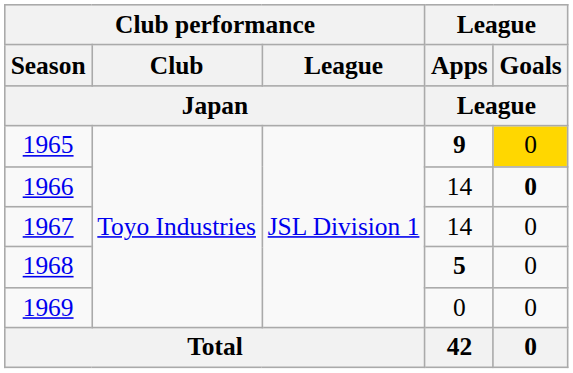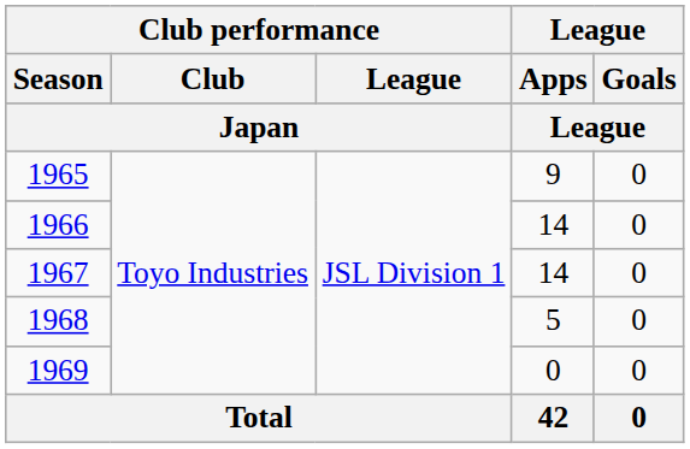 <table class="wikitable" style="text-align:center;">
 <tr>
 <th colspan=3>Club performance</th>
 <th colspan=2>League</th>
 </tr>
 <tr>
 <th>Season</th>
 <th>Club</th>
 <th>League</th>
 <th>Apps</th>
 <th>Goals</th>
 </tr>
 <tr>
 <th colspan=3>Japan</th>
 <th colspan=2>League</th>
 </tr>
 <tr>
 <td><a href='#'>1965</a></td>
 <td rowspan=5><a href='#'>Toyo Industries</a></td>
 <td rowspan=5><a href='#'>JSL Division 1</a></td>
-<td><strong>9</strong></td>
-<td style="background: gold;">0</td>
+<td>9</td>
+<td>0</td>
 </tr>
 <tr>
 <td><a href='#'>1966</a></td>
 <td>14</td>
-<td><strong>0</strong></td>
+<td>0</td>
 </tr>
 <tr>
 <td><a href='#'>1967</a></td>
 <td>14</td>
 <td>0</td>
 </tr>
 <tr>
 <td><a href='#'>1968</a></td>
-<td><strong>5</strong></td>
+<td>5</td>
 <td>0</td>
 </tr>
 <tr>
 <td><a href='#'>1969</a></td>
 <td>0</td>
 <td>0</td>
 </tr>
 <tr>
 <th colspan=3>Total</th>
 <th>42</th>
 <th>0</th>
 </tr>
 </table>
